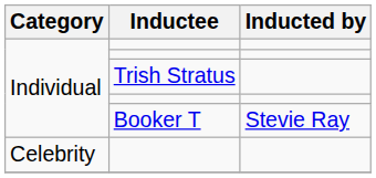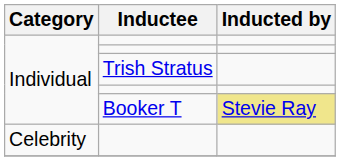 <table class="wikitable">
 <tr>
 <th>Category</th>
 <th>Inductee</th>
 <th>Inducted by</th>
 </tr>
 <tr>
 <td rowspan="5">Individual</td>
 <td></td>
 <td></td>
 </tr>
 <tr>
 <td></td>
 <td></td>
 </tr>
 <tr>
 <td><a href='#'>Trish Stratus</a></td>
 <td></td>
 </tr>
 <tr>
 <td></td>
 <td></td>
 </tr>
 <tr>
 <td><a href='#'>Booker T</a></td>
-<td><a href='#'>Stevie Ray</a></td>
+<td style="background: khaki;"><a href='#'>Stevie Ray</a></td>
 </tr>
 <tr>
 <td>Celebrity</td>
 <td></td>
 <td></td>
 </tr>
 <tr>
 </tr>
 </table>
